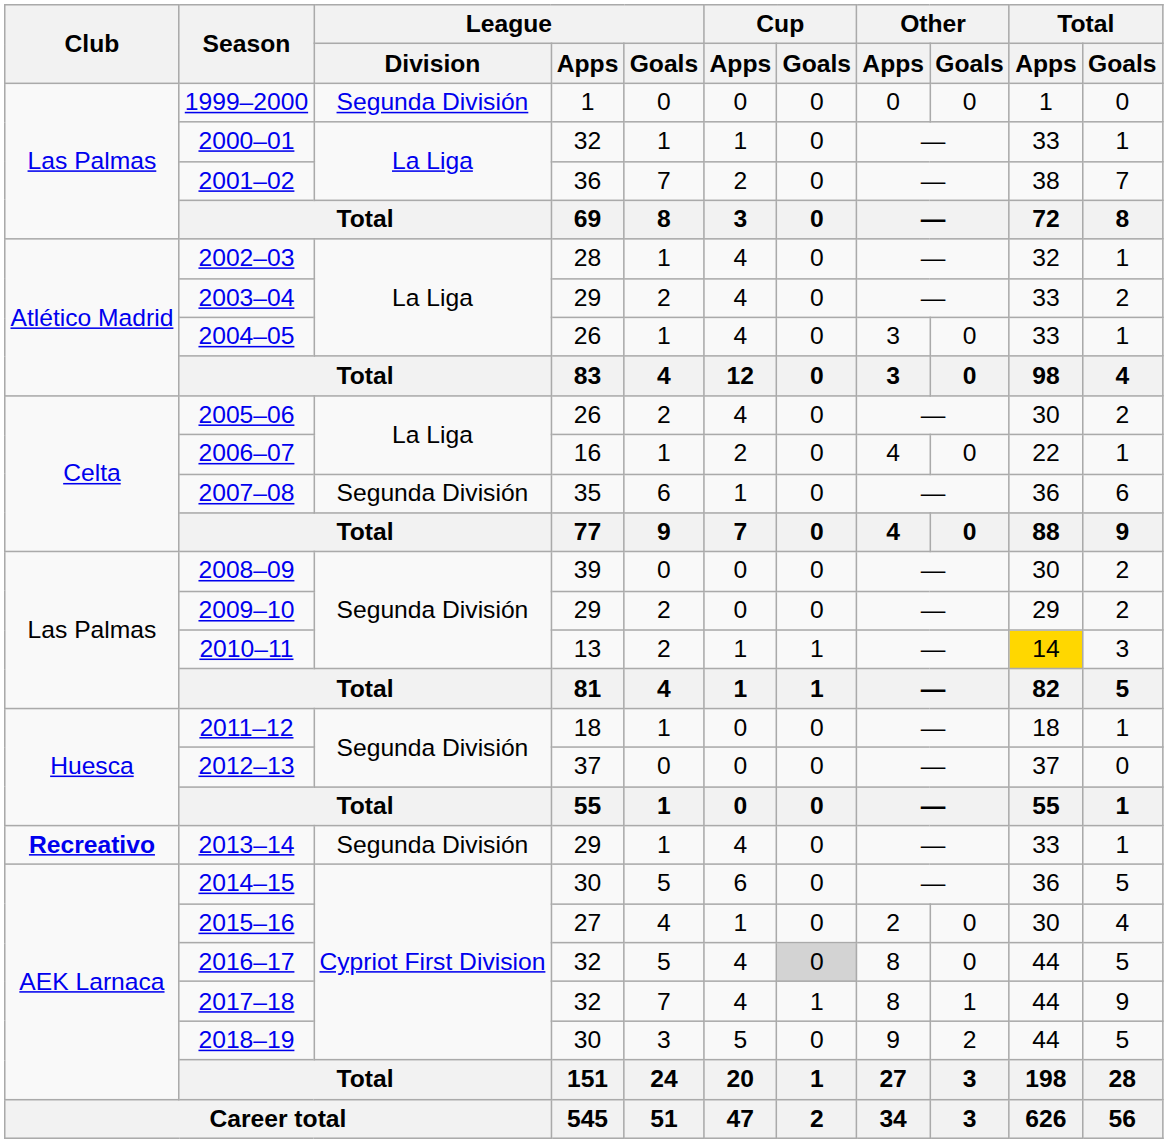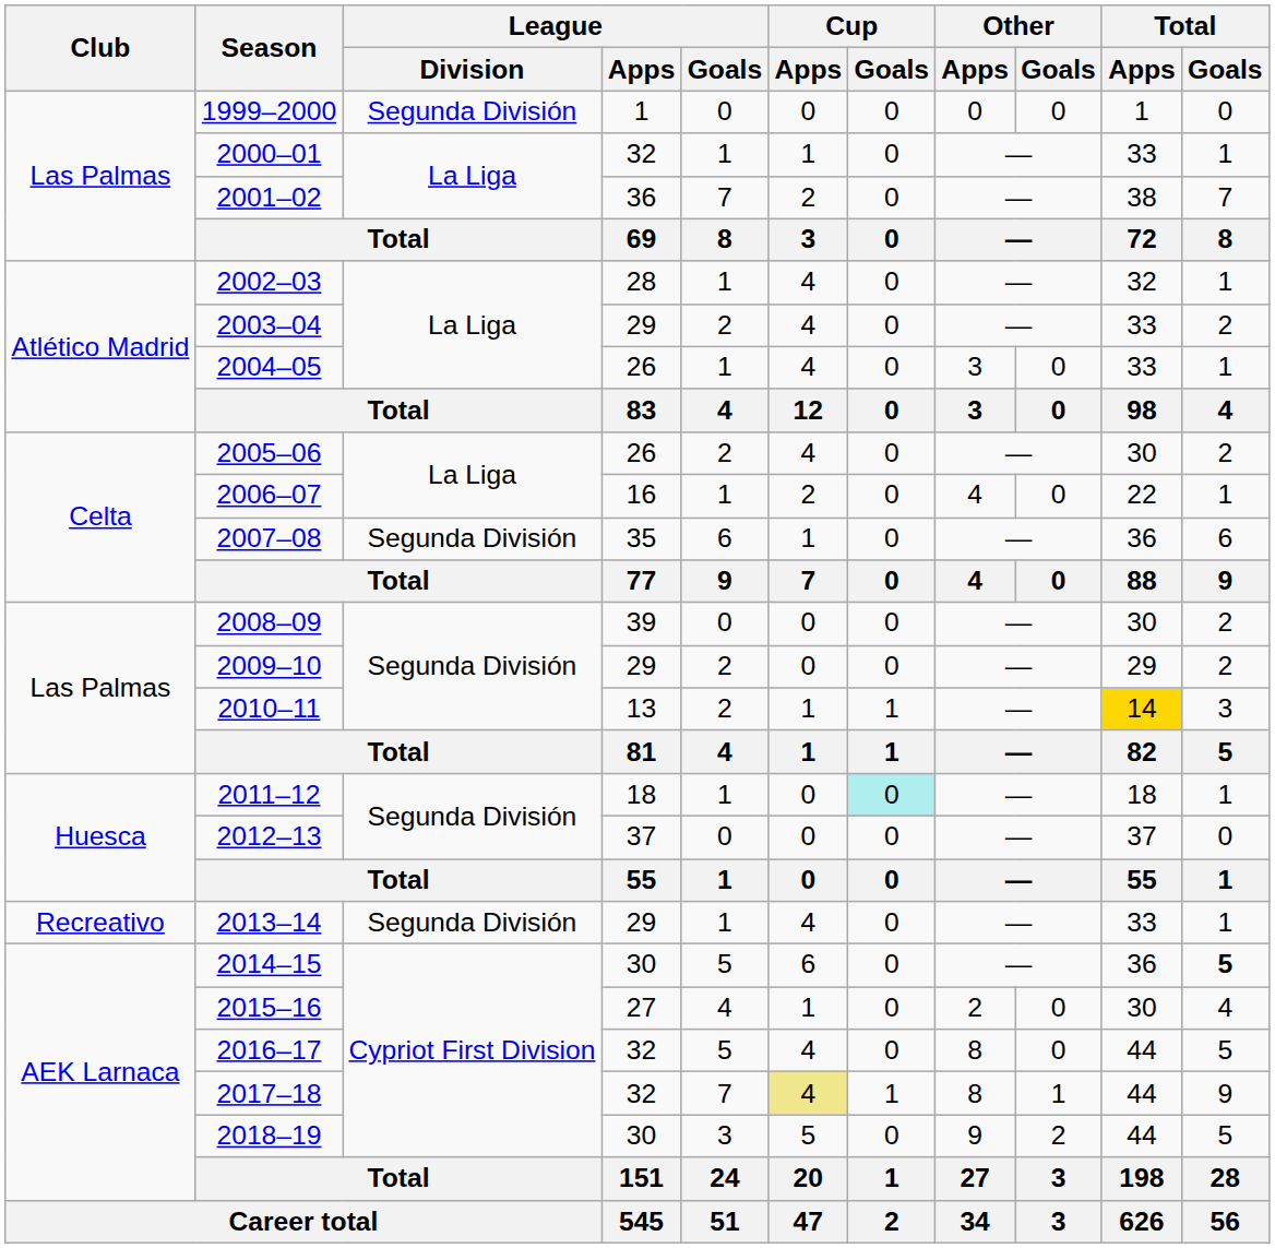 <table class="wikitable" style="text-align:center">
 <tr>
 <th rowspan="2">Club</th>
 <th rowspan="2">Season</th>
 <th colspan="3">League</th>
 <th colspan="2">Cup</th>
 <th colspan="2">Other</th>
 <th colspan="2">Total</th>
 </tr>
 <tr>
 <th>Division</th>
 <th>Apps</th>
 <th>Goals</th>
 <th>Apps</th>
 <th>Goals</th>
 <th>Apps</th>
 <th>Goals</th>
 <th>Apps</th>
 <th>Goals</th>
 </tr>
 <tr>
 <td rowspan="4"><a href='#'>Las Palmas</a></td>
 <td><a href='#'>1999–2000</a></td>
 <td><a href='#'>Segunda División</a></td>
 <td>1</td>
 <td>0</td>
 <td>0</td>
 <td>0</td>
 <td>0</td>
 <td>0</td>
 <td>1</td>
 <td>0</td>
 </tr>
 <tr>
 <td><a href='#'>2000–01</a></td>
 <td rowspan="2"><a href='#'>La Liga</a></td>
 <td>32</td>
 <td>1</td>
 <td>1</td>
 <td>0</td>
 <td colspan="2">—</td>
 <td>33</td>
 <td>1</td>
 </tr>
 <tr>
 <td><a href='#'>2001–02</a></td>
 <td>36</td>
 <td>7</td>
 <td>2</td>
 <td>0</td>
 <td colspan="2">—</td>
 <td>38</td>
 <td>7</td>
 </tr>
 <tr>
 <th colspan="2">Total</th>
 <th>69</th>
 <th>8</th>
 <th>3</th>
 <th>0</th>
 <th colspan="2">—</th>
 <th>72</th>
 <th>8</th>
 </tr>
 <tr>
 <td rowspan="4"><a href='#'>Atlético Madrid</a></td>
 <td><a href='#'>2002–03</a></td>
 <td rowspan="3">La Liga</td>
 <td>28</td>
 <td>1</td>
 <td>4</td>
 <td>0</td>
 <td colspan="2">—</td>
 <td>32</td>
 <td>1</td>
 </tr>
 <tr>
 <td><a href='#'>2003–04</a></td>
 <td>29</td>
 <td>2</td>
 <td>4</td>
 <td>0</td>
 <td colspan="2">—</td>
 <td>33</td>
 <td>2</td>
 </tr>
 <tr>
 <td><a href='#'>2004–05</a></td>
 <td>26</td>
 <td>1</td>
 <td>4</td>
 <td>0</td>
 <td>3</td>
 <td>0</td>
 <td>33</td>
 <td>1</td>
 </tr>
 <tr>
 <th colspan="2">Total</th>
 <th>83</th>
 <th>4</th>
 <th>12</th>
 <th>0</th>
 <th>3</th>
 <th>0</th>
 <th>98</th>
 <th>4</th>
 </tr>
 <tr>
 <td rowspan="4"><a href='#'>Celta</a></td>
 <td><a href='#'>2005–06</a></td>
 <td rowspan="2">La Liga</td>
 <td>26</td>
 <td>2</td>
 <td>4</td>
 <td>0</td>
 <td colspan="2">—</td>
 <td>30</td>
 <td>2</td>
 </tr>
 <tr>
 <td><a href='#'>2006–07</a></td>
 <td>16</td>
 <td>1</td>
 <td>2</td>
 <td>0</td>
 <td>4</td>
 <td>0</td>
 <td>22</td>
 <td>1</td>
 </tr>
 <tr>
 <td><a href='#'>2007–08</a></td>
 <td>Segunda División</td>
 <td>35</td>
 <td>6</td>
 <td>1</td>
 <td>0</td>
 <td colspan="2">—</td>
 <td>36</td>
 <td>6</td>
 </tr>
 <tr>
 <th colspan="2">Total</th>
 <th>77</th>
 <th>9</th>
 <th>7</th>
 <th>0</th>
 <th>4</th>
 <th>0</th>
 <th>88</th>
 <th>9</th>
 </tr>
 <tr>
 <td rowspan="4">Las Palmas</td>
 <td><a href='#'>2008–09</a></td>
 <td rowspan="3">Segunda División</td>
 <td>39</td>
 <td>0</td>
 <td>0</td>
 <td>0</td>
 <td colspan="2">—</td>
 <td>30</td>
 <td>2</td>
 </tr>
 <tr>
 <td><a href='#'>2009–10</a></td>
 <td>29</td>
 <td>2</td>
 <td>0</td>
 <td>0</td>
 <td colspan="2">—</td>
 <td>29</td>
 <td>2</td>
 </tr>
 <tr>
 <td><a href='#'>2010–11</a></td>
 <td>13</td>
 <td>2</td>
 <td>1</td>
 <td>1</td>
 <td colspan="2">—</td>
 <td style="background: gold;">14</td>
 <td>3</td>
 </tr>
 <tr>
 <th colspan="2">Total</th>
 <th>81</th>
 <th>4</th>
 <th>1</th>
 <th>1</th>
 <th colspan="2">—</th>
 <th>82</th>
 <th>5</th>
 </tr>
 <tr>
 <td rowspan="3"><a href='#'>Huesca</a></td>
 <td><a href='#'>2011–12</a></td>
 <td rowspan="2">Segunda División</td>
 <td>18</td>
 <td>1</td>
 <td>0</td>
-<td>0</td>
+<td style="background: paleturquoise;">0</td>
 <td colspan="2">—</td>
 <td>18</td>
 <td>1</td>
 </tr>
 <tr>
 <td><a href='#'>2012–13</a></td>
 <td>37</td>
 <td>0</td>
 <td>0</td>
 <td>0</td>
 <td colspan="2">—</td>
 <td>37</td>
 <td>0</td>
 </tr>
 <tr>
 <th colspan="2">Total</th>
 <th>55</th>
 <th>1</th>
 <th>0</th>
 <th>0</th>
 <th colspan="2">—</th>
 <th>55</th>
 <th>1</th>
 </tr>
 <tr>
-<td><strong><a href='#'>Recreativo</a></strong></td>
+<td><a href='#'>Recreativo</a></td>
 <td><a href='#'>2013–14</a></td>
 <td>Segunda División</td>
 <td>29</td>
 <td>1</td>
 <td>4</td>
 <td>0</td>
 <td colspan="2">—</td>
 <td>33</td>
 <td>1</td>
 </tr>
 <tr>
 <td rowspan="6"><a href='#'>AEK Larnaca</a></td>
 <td><a href='#'>2014–15</a></td>
 <td rowspan="5"><a href='#'>Cypriot First Division</a></td>
 <td>30</td>
 <td>5</td>
 <td>6</td>
 <td>0</td>
 <td colspan="2">—</td>
 <td>36</td>
-<td>5</td>
+<td><strong>5</strong></td>
 </tr>
 <tr>
 <td><a href='#'>2015–16</a></td>
 <td>27</td>
 <td>4</td>
 <td>1</td>
 <td>0</td>
 <td>2</td>
 <td>0</td>
 <td>30</td>
 <td>4</td>
 </tr>
 <tr>
 <td><a href='#'>2016–17</a></td>
 <td>32</td>
 <td>5</td>
 <td>4</td>
-<td style="background: lightgrey;">0</td>
+<td>0</td>
 <td>8</td>
 <td>0</td>
 <td>44</td>
 <td>5</td>
 </tr>
 <tr>
 <td><a href='#'>2017–18</a></td>
 <td>32</td>
 <td>7</td>
-<td>4</td>
+<td style="background: khaki;">4</td>
 <td>1</td>
 <td>8</td>
 <td>1</td>
 <td>44</td>
 <td>9</td>
 </tr>
 <tr>
 <td><a href='#'>2018–19</a></td>
 <td>30</td>
 <td>3</td>
 <td>5</td>
 <td>0</td>
 <td>9</td>
 <td>2</td>
 <td>44</td>
 <td>5</td>
 </tr>
 <tr>
 <th colspan="2">Total</th>
 <th>151</th>
 <th>24</th>
 <th>20</th>
 <th>1</th>
 <th>27</th>
 <th>3</th>
 <th>198</th>
 <th>28</th>
 </tr>
 <tr>
 <th colspan="3">Career total</th>
 <th>545</th>
 <th>51</th>
 <th>47</th>
 <th>2</th>
 <th>34</th>
 <th>3</th>
 <th>626</th>
 <th>56</th>
 </tr>
 </table>
